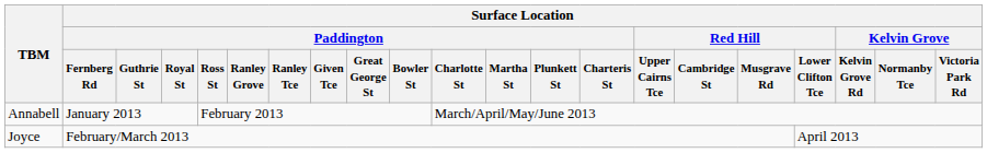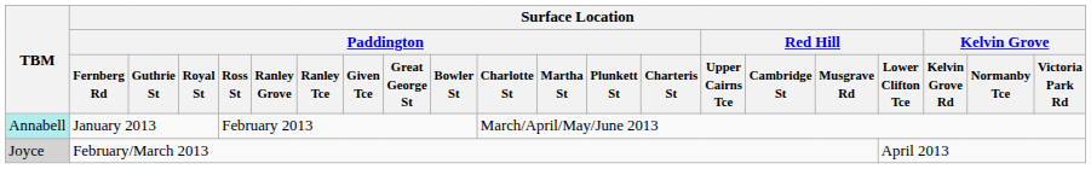 <table class="wikitable">
 <tr>
 <th rowspan="3">TBM</th>
 <th colspan=20>Surface Location</th>
 </tr>
 <tr>
 <th colspan=13><a href='#'>Paddington</a></th>
 <th colspan=4><a href='#'>Red Hill</a></th>
 <th colspan=3><a href='#'>Kelvin Grove</a></th>
 </tr>
 <tr>
 <th><small>Fernberg Rd</small></th>
 <th><small>Guthrie St</small></th>
 <th><small>Royal St</small></th>
 <th><small>Ross St</small></th>
 <th><small>Ranley Grove</small></th>
 <th><small>Ranley Tce</small></th>
 <th><small>Given Tce</small></th>
 <th><small>Great George St</small></th>
 <th><small>Bowler St</small></th>
 <th><small>Charlotte St</small></th>
 <th><small>Martha St</small></th>
 <th><small>Plunkett St</small></th>
 <th><small>Charteris St</small></th>
 <th><small>Upper Cairns Tce</small></th>
 <th><small>Cambridge St</small></th>
 <th><small>Musgrave Rd</small></th>
 <th><small>Lower Clifton Tce</small></th>
 <th><small>Kelvin Grove Rd</small></th>
 <th><small>Normanby Tce</small></th>
 <th><small>Victoria Park Rd</small></th>
 </tr>
 <tr>
-<td>Annabell</td>
+<td style="background: paleturquoise;">Annabell</td>
 <td colspan=3>January 2013</td>
 <td colspan=6>February 2013</td>
 <td colspan=11>March/April/May/June 2013</td>
 </tr>
 <tr>
-<td>Joyce</td>
+<td style="background: lightgrey;">Joyce</td>
 <td colspan=16>February/March 2013</td>
 <td colspan=4>April 2013</td>
 </tr>
 </table>
